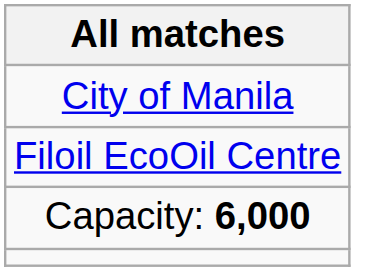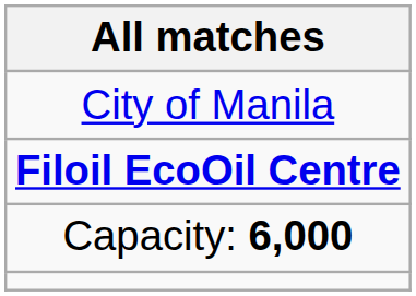 <table class="wikitable" style="text-align:center">
 <tr>
 <th>All matches</th>
 </tr>
 <tr>
 <td><a href='#'>City of Manila</a></td>
 </tr>
 <tr>
-<td><a href='#'>Filoil EcoOil Centre</a></td>
+<td><strong><a href='#'>Filoil EcoOil Centre</a></strong></td>
 </tr>
 <tr>
 <td>Capacity: <strong>6,000</strong></td>
 </tr>
 <tr>
 <td></td>
 </tr>
 </table>
